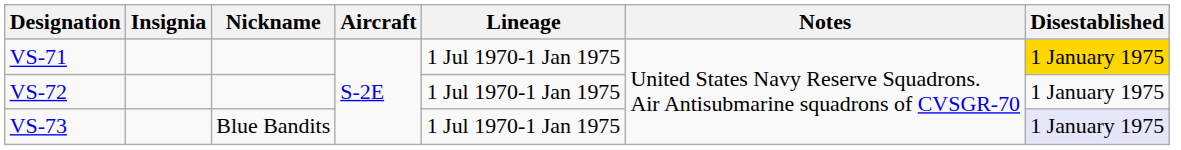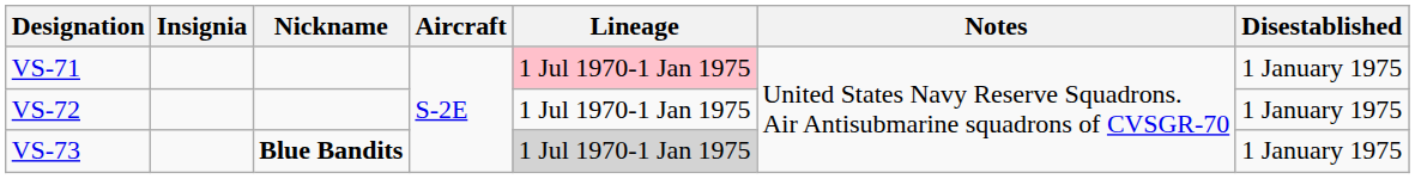 <table class="wikitable">
 <tr>
 <th>Designation</th>
 <th>Insignia</th>
 <th>Nickname</th>
 <th>Aircraft</th>
 <th>Lineage</th>
 <th>Notes</th>
 <th>Disestablished</th>
 </tr>
 <tr>
 <td><a href='#'>VS-71</a></td>
 <td></td>
 <td></td>
 <td rowspan="3"><a href='#'>S-2E</a></td>
-<td>1 Jul 1970-1 Jan 1975</td>
+<td style="background: pink;">1 Jul 1970-1 Jan 1975</td>
 <td rowspan="3">United States Navy Reserve Squadrons.<br>Air Antisubmarine squadrons of <a href='#'>CVSGR-70</a></td>
-<td style="background: gold;">1 January 1975</td>
+<td>1 January 1975</td>
 </tr>
 <tr>
 <td><a href='#'>VS-72</a></td>
 <td></td>
 <td></td>
 <td>1 Jul 1970-1 Jan 1975</td>
 <td>1 January 1975</td>
 </tr>
 <tr>
 <td><a href='#'>VS-73</a></td>
 <td></td>
-<td>Blue Bandits</td>
-<td>1 Jul 1970-1 Jan 1975</td>
-<td style="background: lavender;">1 January 1975</td>
+<td><strong>Blue Bandits</strong></td>
+<td style="background: lightgrey;">1 Jul 1970-1 Jan 1975</td>
+<td>1 January 1975</td>
 </tr>
 </table>
